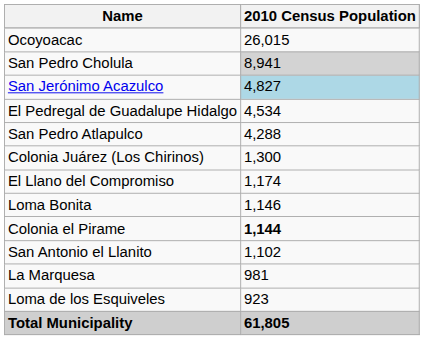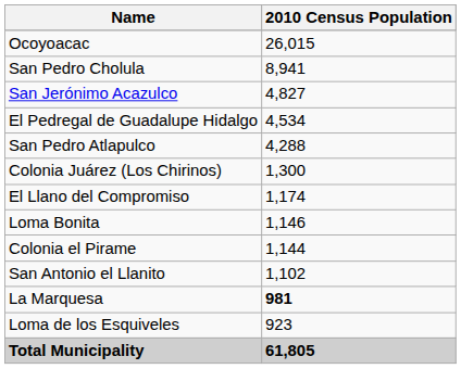 <table class="wikitable">
 <tr style="background:#000000; color:black;">
 <th><strong>Name</strong></th>
 <th><strong>2010 Census Population</strong></th>
 </tr>
 <tr>
 <td>Ocoyoacac</td>
 <td>26,015</td>
 </tr>
 <tr>
 <td>San Pedro Cholula</td>
-<td style="background: lightgrey;">8,941</td>
+<td>8,941</td>
 </tr>
 <tr>
 <td><a href='#'>San Jerónimo Acazulco</a></td>
-<td style="background: lightblue;">4,827</td>
+<td>4,827</td>
 </tr>
 <tr>
 <td>El Pedregal de Guadalupe Hidalgo</td>
 <td>4,534</td>
 </tr>
 <tr>
 <td>San Pedro Atlapulco</td>
 <td>4,288</td>
 </tr>
 <tr>
 <td>Colonia Juárez (Los Chirinos)</td>
 <td>1,300</td>
 </tr>
 <tr>
 <td>El Llano del Compromiso</td>
 <td>1,174</td>
 </tr>
 <tr>
 <td>Loma Bonita</td>
 <td>1,146</td>
 </tr>
 <tr>
 <td>Colonia el Pirame</td>
-<td><strong>1,144</strong></td>
+<td>1,144</td>
 </tr>
 <tr>
 <td>San Antonio el Llanito</td>
 <td>1,102</td>
 </tr>
 <tr>
 <td>La Marquesa</td>
-<td>981</td>
+<td><strong>981</strong></td>
 </tr>
 <tr>
 <td>Loma de los Esquiveles</td>
 <td>923</td>
 </tr>
 <tr style="background:#CFCFCF;">
 <td><strong>Total Municipality</strong></td>
 <td><strong>61,805</strong></td>
 </tr>
 </table>
